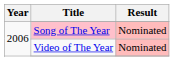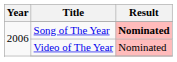 <table class="wikitable">
 <tr>
 <th>Year</th>
 <th>Title</th>
 <th>Result</th>
 </tr>
 <tr>
 <td rowspan="4">2006</td>
 </tr>
 <tr>
-<td style="background: pink;"><a href='#'>Song of The Year</a></td>
-<td style="background:#fbb;">Nominated</td>
+<td><a href='#'>Song of The Year</a></td>
+<td style="background:#fbb;"><strong>Nominated</strong></td>
 </tr>
 <tr>
 <td><a href='#'>Video of The Year</a></td>
 <td style="background:#fbb;">Nominated</td>
 </tr>
 <tr>
 </tr>
 </table>
